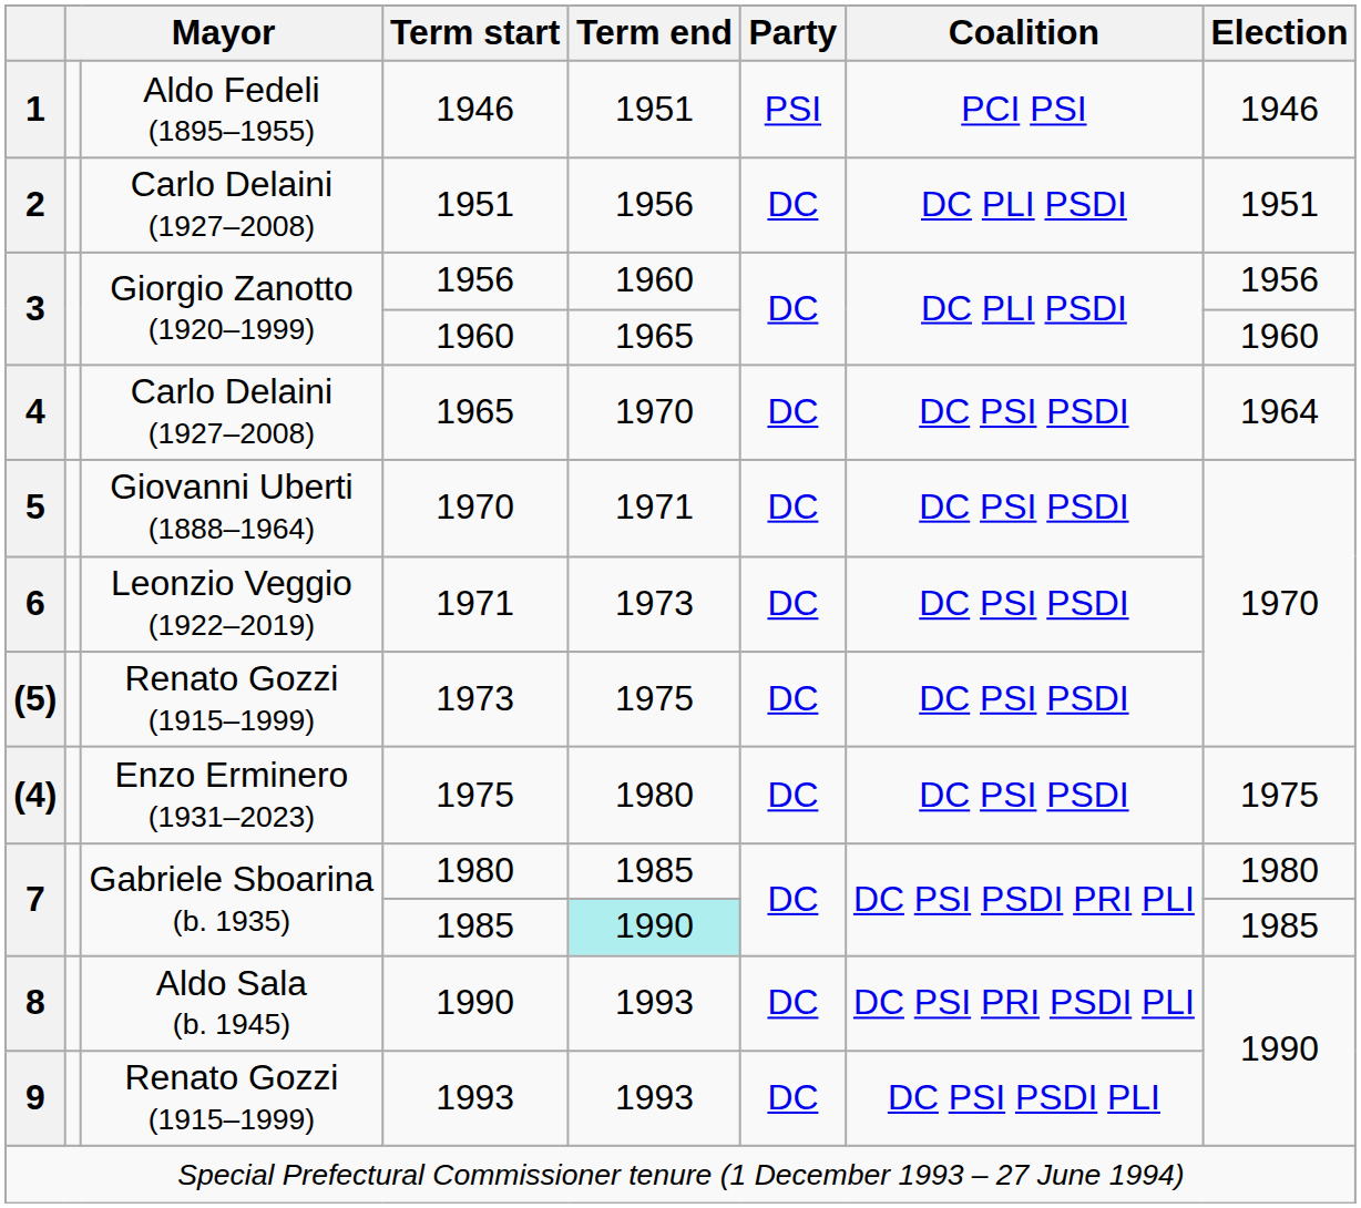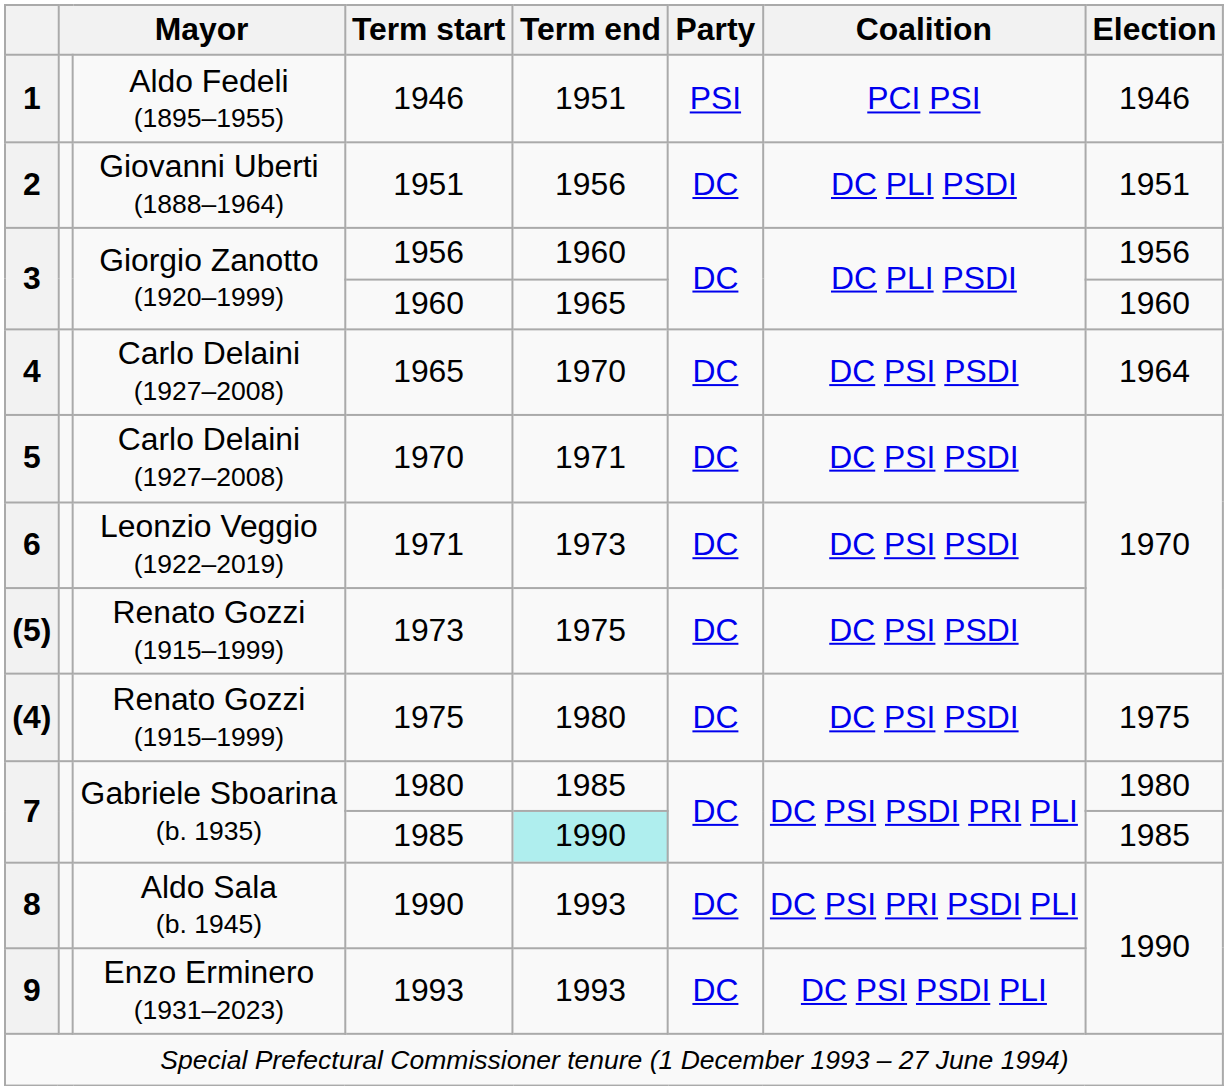 <table class="wikitable" style="text-align: center;">
 <tr>
 <th class=unsortable> </th>
 <th colspan="2">Mayor</th>
 <th>Term start</th>
 <th>Term end</th>
 <th>Party</th>
 <th>Coalition</th>
 <th>Election</th>
 </tr>
 <tr>
 <th style="background:">1</th>
 <td></td>
 <td>Aldo Fedeli<br><small>(1895–1955)</small></td>
 <td>1946</td>
 <td>1951</td>
 <td><a href='#'>PSI</a></td>
 <td><a href='#'>PCI</a>  <a href='#'>PSI</a></td>
 <td>1946</td>
 </tr>
 <tr>
 <th style="background:">2</th>
 <td></td>
-<td>Carlo Delaini<br><small>(1927–2008)</small></td>
+<td>Giovanni Uberti<br><small>(1888–1964)</small></td>
 <td>1951</td>
 <td>1956</td>
 <td><a href='#'>DC</a></td>
 <td><a href='#'>DC</a>  <a href='#'>PLI</a>  <a href='#'>PSDI</a></td>
 <td>1951</td>
 </tr>
 <tr>
 <th rowspan=2 style="background:">3</th>
 <td rowspan=2></td>
 <td rowspan=2>Giorgio Zanotto<br><small>(1920–1999)</small></td>
 <td>1956</td>
 <td>1960</td>
 <td rowspan=2><a href='#'>DC</a></td>
 <td rowspan=2><a href='#'>DC</a>  <a href='#'>PLI</a>  <a href='#'>PSDI</a></td>
 <td>1956</td>
 </tr>
 <tr>
 <td>1960</td>
 <td>1965</td>
 <td>1960</td>
 </tr>
 <tr>
 <th style="background:">4</th>
 <td></td>
 <td>Carlo Delaini<br><small>(1927–2008)</small></td>
 <td>1965</td>
 <td>1970</td>
 <td><a href='#'>DC</a></td>
 <td><a href='#'>DC</a>  <a href='#'>PSI</a>  <a href='#'>PSDI</a></td>
 <td>1964</td>
 </tr>
 <tr>
 <th style="background:">5</th>
 <td></td>
-<td>Giovanni Uberti<br><small>(1888–1964)</small></td>
+<td>Carlo Delaini<br><small>(1927–2008)</small></td>
 <td>1970</td>
 <td>1971</td>
 <td><a href='#'>DC</a></td>
 <td><a href='#'>DC</a>  <a href='#'>PSI</a>  <a href='#'>PSDI</a></td>
 <td rowspan="3">1970</td>
 </tr>
 <tr>
 <th style="background:">6</th>
 <td></td>
 <td>Leonzio Veggio<br><small>(1922–2019)</small></td>
 <td>1971</td>
 <td>1973</td>
 <td><a href='#'>DC</a></td>
 <td><a href='#'>DC</a>  <a href='#'>PSI</a>  <a href='#'>PSDI</a></td>
 </tr>
 <tr>
 <th style="background:">(5)</th>
 <td></td>
 <td>Renato Gozzi<br><small>(1915–1999)</small></td>
 <td>1973</td>
 <td>1975</td>
 <td><a href='#'>DC</a></td>
 <td><a href='#'>DC</a>  <a href='#'>PSI</a>  <a href='#'>PSDI</a></td>
 </tr>
 <tr>
 <th style="background:">(4)</th>
 <td></td>
-<td>Enzo Erminero<br><small>(1931–2023)</small></td>
+<td>Renato Gozzi<br><small>(1915–1999)</small></td>
 <td>1975</td>
 <td>1980</td>
 <td><a href='#'>DC</a></td>
 <td><a href='#'>DC</a>  <a href='#'>PSI</a>  <a href='#'>PSDI</a></td>
 <td>1975</td>
 </tr>
 <tr>
 <th rowspan=2 style="background:">7</th>
 <td rowspan=2></td>
 <td rowspan=2>Gabriele Sboarina<br><small>(b. 1935)</small></td>
 <td>1980</td>
 <td>1985</td>
 <td rowspan=2><a href='#'>DC</a></td>
 <td rowspan=2><a href='#'>DC</a>  <a href='#'>PSI</a>  <a href='#'>PSDI</a>  <a href='#'>PRI</a>  <a href='#'>PLI</a></td>
 <td>1980</td>
 </tr>
 <tr>
 <td>1985</td>
 <td style="background: paleturquoise;">1990</td>
 <td>1985</td>
 </tr>
 <tr>
 <th style="background:">8</th>
 <td></td>
 <td>Aldo Sala<br><small>(b. 1945)</small></td>
 <td>1990</td>
 <td>1993</td>
 <td><a href='#'>DC</a></td>
 <td><a href='#'>DC</a>  <a href='#'>PSI</a>  <a href='#'>PRI</a>  <a href='#'>PSDI</a>  <a href='#'>PLI</a></td>
 <td rowspan=2>1990</td>
 </tr>
 <tr>
 <th style="background:">9</th>
 <td></td>
-<td>Renato Gozzi<br><small>(1915–1999)</small></td>
+<td>Enzo Erminero<br><small>(1931–2023)</small></td>
 <td>1993</td>
 <td>1993</td>
 <td><a href='#'>DC</a></td>
 <td><a href='#'>DC</a>  <a href='#'>PSI</a>  <a href='#'>PSDI</a>  <a href='#'>PLI</a></td>
 </tr>
 <tr>
 <td colspan=8><small><em>Special Prefectural Commissioner tenure (1 December 1993 – 27 June 1994)</em></small></td>
 </tr>
 </table>
